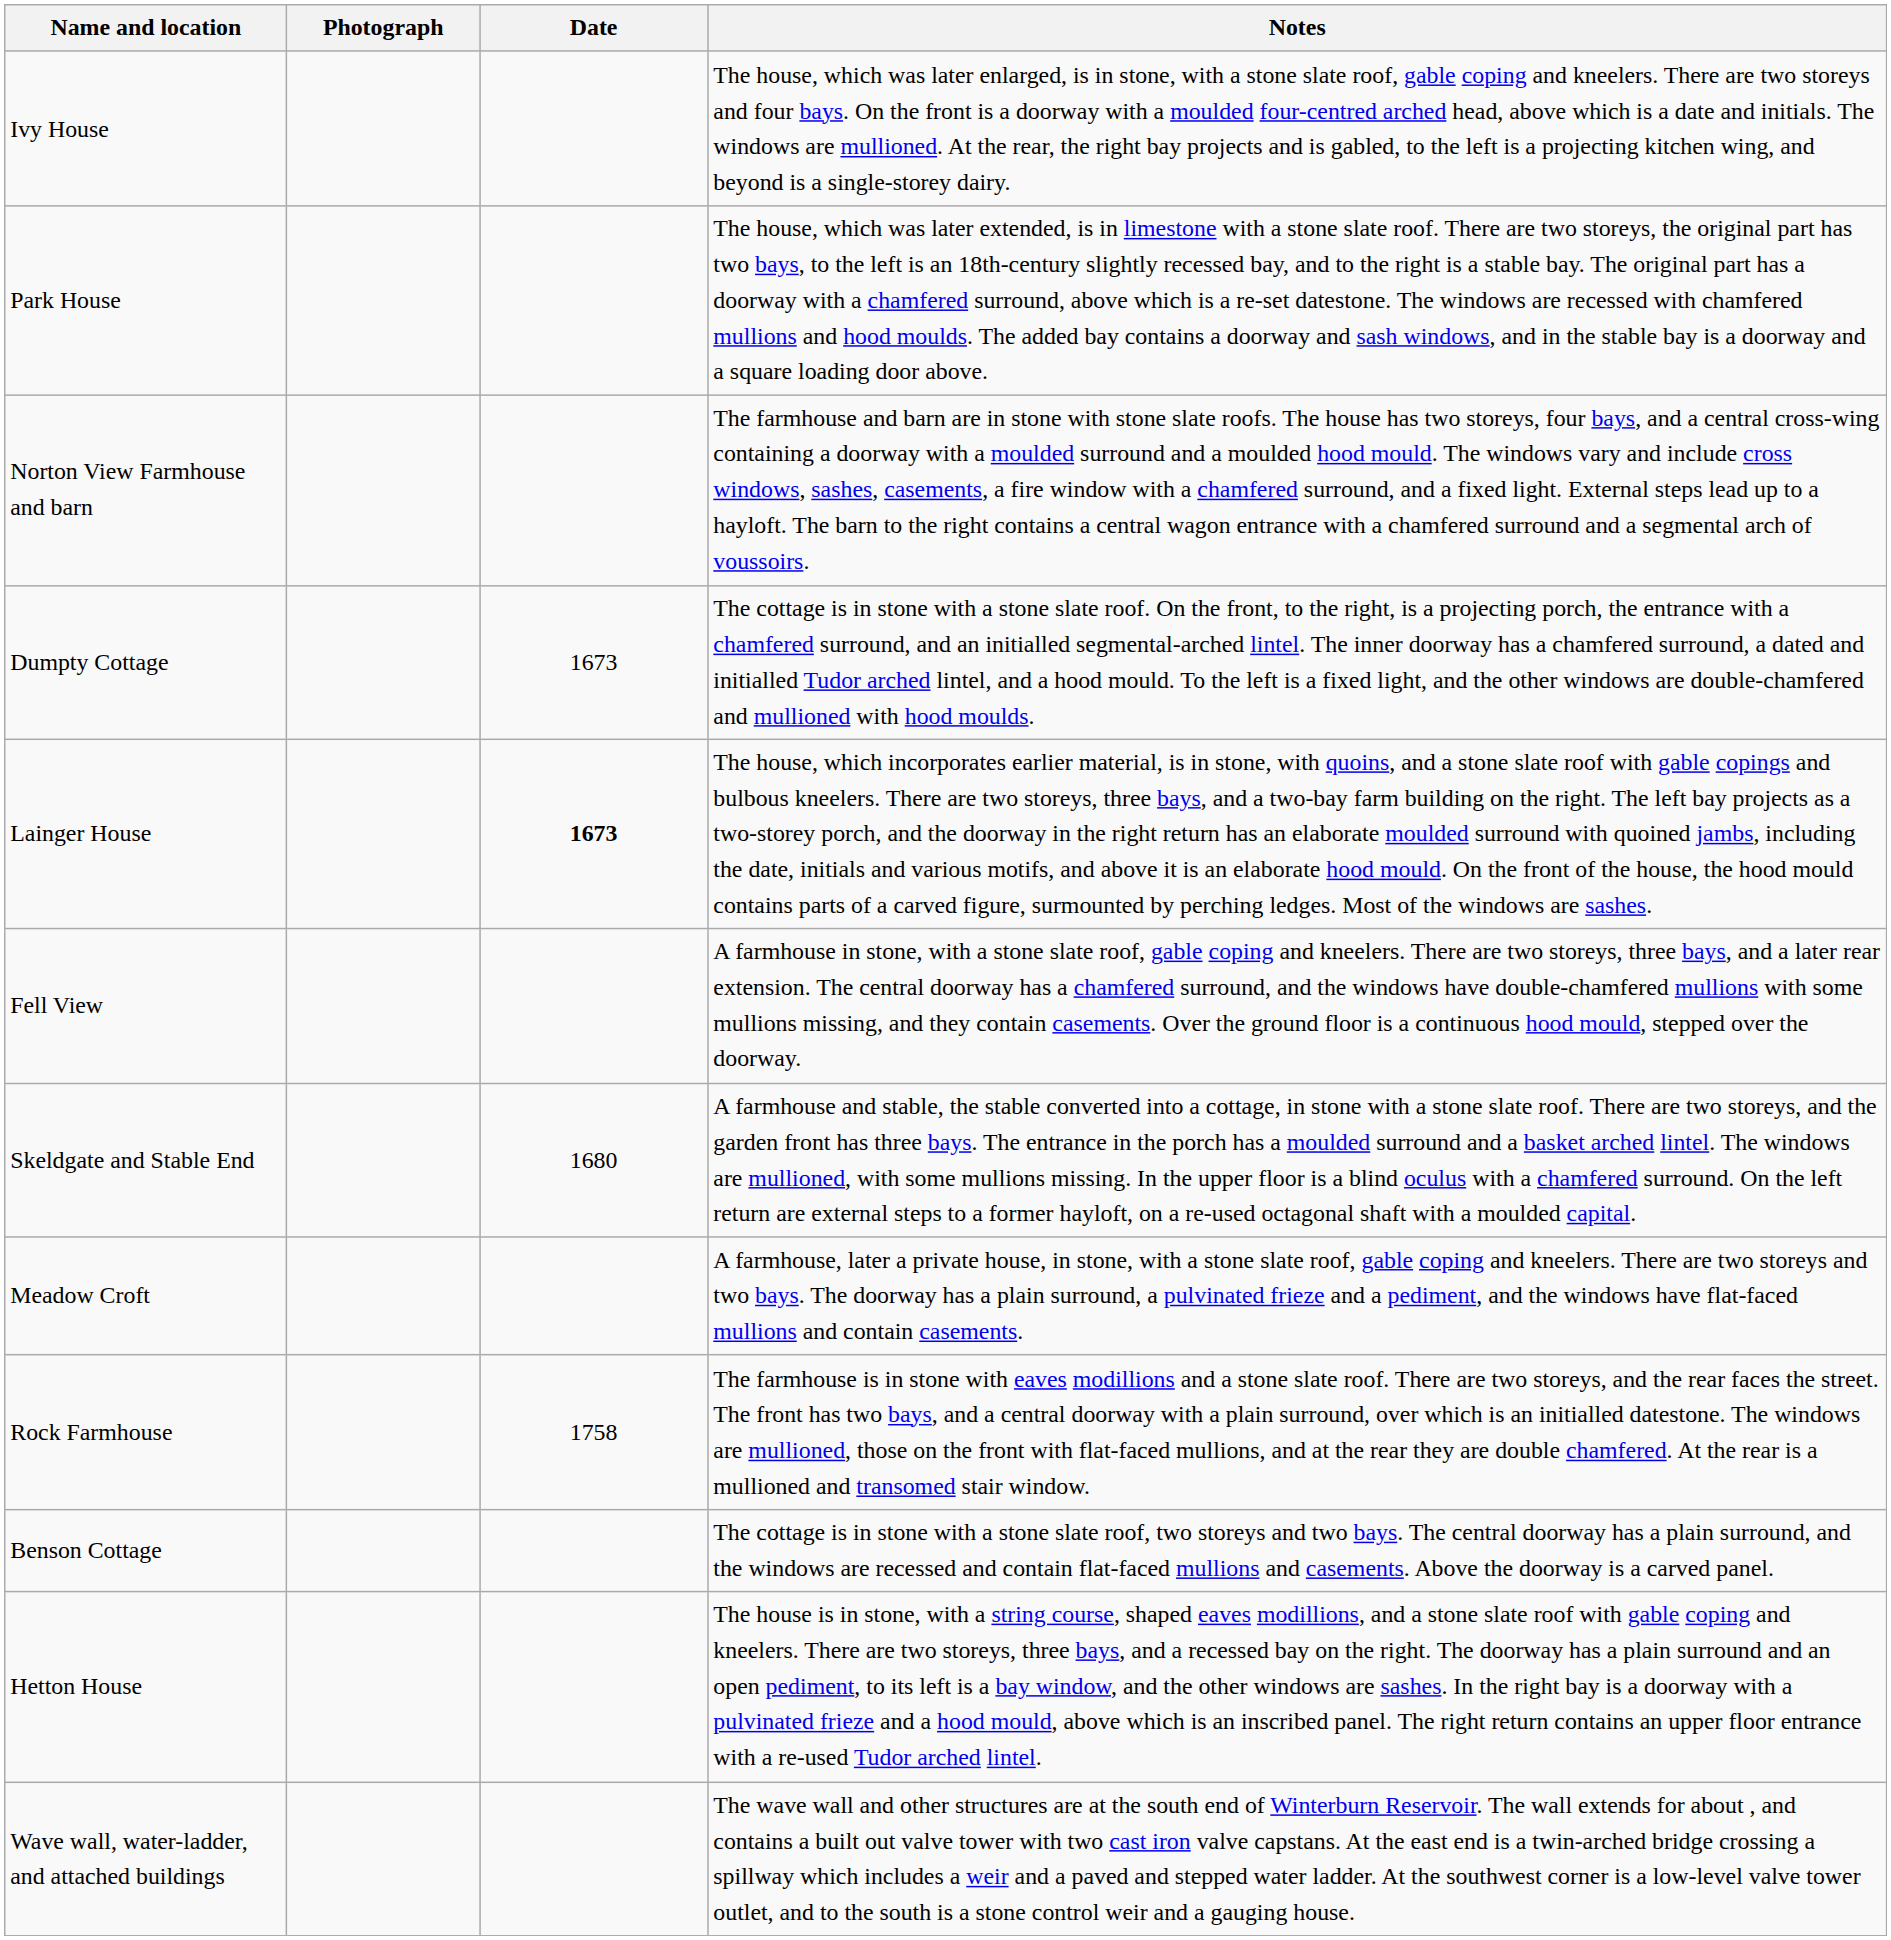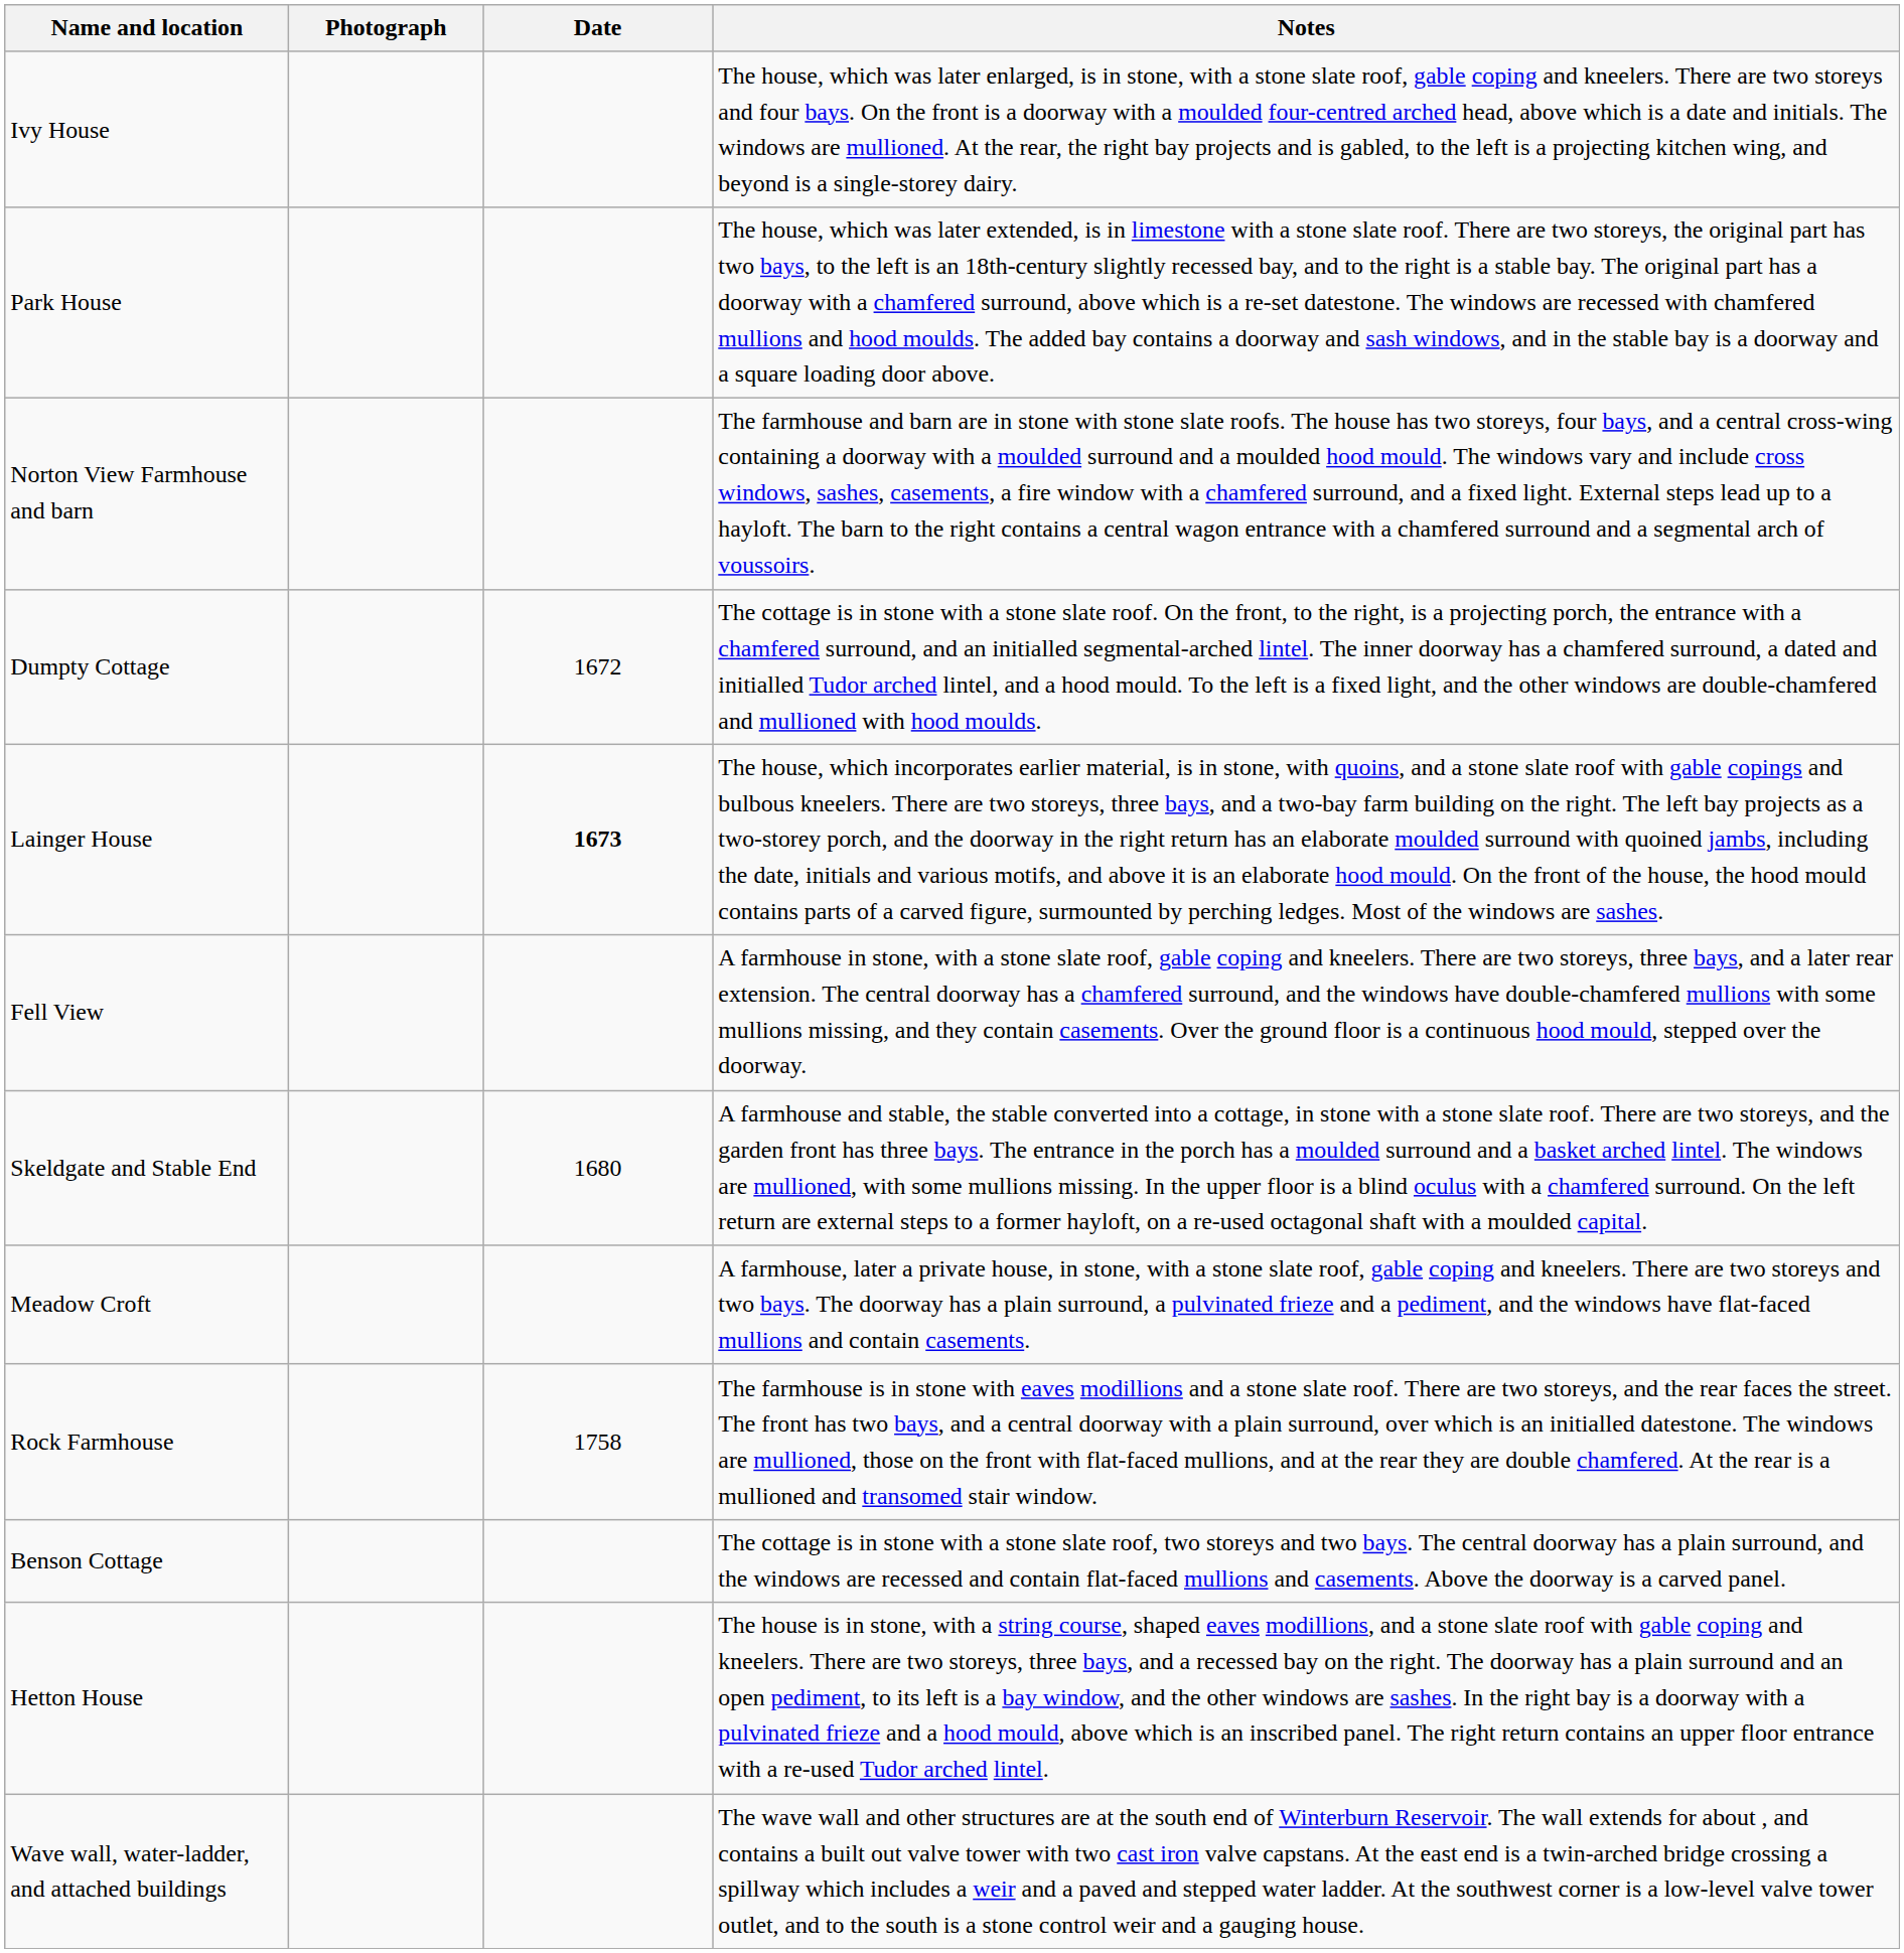 <table class="wikitable sortable plainrowheaders" style="width:100%;border:0px;text-align:left;line-height:150%;">
 <tr>
 <th scope="col"  style="width:150px">Name and location</th>
 <th scope="col"  style="width:100px" class="unsortable">Photograph</th>
 <th scope="col"  style="width:120px">Date</th>
 <th scope="col"  style="width:650px" class="unsortable">Notes</th>
 </tr>
 <tr>
 <td>Ivy House<br><small></small></td>
 <td></td>
 <td align="center"></td>
 <td>The house, which was later enlarged, is in stone, with a stone slate roof, <a href='#'>gable</a> <a href='#'>coping</a> and kneelers. There are two storeys and four <a href='#'>bays</a>. On the front is a doorway with a <a href='#'>moulded</a> <a href='#'>four-centred arched</a> head, above which is a date and initials. The windows are <a href='#'>mullioned</a>. At the rear, the right bay projects and is gabled, to the left is a projecting kitchen wing, and beyond is a single-storey dairy.</td>
 </tr>
 <tr>
 <td>Park House<br><small></small></td>
 <td></td>
 <td align="center"></td>
 <td>The house, which was later extended, is in <a href='#'>limestone</a> with a stone slate roof.  There are two storeys, the original part has two <a href='#'>bays</a>, to the left is an 18th-century slightly recessed bay, and to the right is a stable bay. The original part has a doorway with a <a href='#'>chamfered</a> surround, above which is a re-set datestone.  The windows are recessed with chamfered <a href='#'>mullions</a> and <a href='#'>hood moulds</a>. The added bay contains a doorway and <a href='#'>sash windows</a>, and in the stable bay is a doorway and a square loading door above.</td>
 </tr>
 <tr>
 <td>Norton View Farmhouse and barn<br><small></small></td>
 <td></td>
 <td align="center"></td>
 <td>The farmhouse and barn are in stone with stone slate roofs.  The house has two storeys, four <a href='#'>bays</a>, and a central cross-wing containing a doorway with a <a href='#'>moulded</a> surround and a moulded <a href='#'>hood mould</a>. The windows vary and include <a href='#'>cross windows</a>, <a href='#'>sashes</a>, <a href='#'>casements</a>, a fire window with a <a href='#'>chamfered</a> surround, and a fixed light. External steps lead up to a hayloft. The barn to the right contains a central wagon entrance with a chamfered surround and a segmental arch of <a href='#'>voussoirs</a>.</td>
 </tr>
 <tr>
 <td>Dumpty Cottage<br><small></small></td>
 <td></td>
-<td align="center">1673</td>
+<td align="center">1672</td>
 <td>The cottage is in stone with a stone slate roof. On the front, to the right, is a projecting porch, the entrance with a <a href='#'>chamfered</a> surround, and an initialled segmental-arched <a href='#'>lintel</a>. The inner doorway has a chamfered surround, a dated and initialled <a href='#'>Tudor arched</a> lintel, and a hood mould. To the left is a fixed light, and the other windows are double-chamfered and <a href='#'>mullioned</a> with <a href='#'>hood moulds</a>.</td>
 </tr>
 <tr>
 <td>Lainger House<br><small></small></td>
 <td></td>
 <td align="center"><strong>1673</strong></td>
 <td>The house, which incorporates earlier material, is in stone, with <a href='#'>quoins</a>, and a stone slate roof with <a href='#'>gable</a> <a href='#'>copings</a> and bulbous kneelers. There are two storeys, three <a href='#'>bays</a>, and a two-bay farm building on the right. The left bay projects as a two-storey porch, and the doorway in the right return has an elaborate <a href='#'>moulded</a> surround with quoined <a href='#'>jambs</a>, including the date, initials and various motifs, and above it is an elaborate <a href='#'>hood mould</a>. On the front of the house, the hood mould contains parts of a carved figure, surmounted by perching ledges. Most of the windows are <a href='#'>sashes</a>.</td>
 </tr>
 <tr>
 <td>Fell View<br><small></small></td>
 <td></td>
 <td align="center"></td>
 <td>A farmhouse in stone, with a stone slate roof, <a href='#'>gable</a> <a href='#'>coping</a> and kneelers. There are two storeys, three <a href='#'>bays</a>, and a later rear extension. The central doorway has a <a href='#'>chamfered</a> surround, and the windows have double-chamfered <a href='#'>mullions</a> with some mullions missing, and they contain <a href='#'>casements</a>. Over the ground floor is a continuous <a href='#'>hood mould</a>, stepped over the doorway.</td>
 </tr>
 <tr>
 <td>Skeldgate and Stable End<br><small></small></td>
 <td></td>
 <td align="center">1680</td>
 <td>A farmhouse and stable, the stable converted into a cottage, in stone with a stone slate roof. There are two storeys, and the garden front has three <a href='#'>bays</a>. The entrance in the porch has a <a href='#'>moulded</a> surround and a <a href='#'>basket arched</a> <a href='#'>lintel</a>. The windows are <a href='#'>mullioned</a>, with some mullions missing. In the upper floor is a blind <a href='#'>oculus</a> with a <a href='#'>chamfered</a> surround. On the left return are external steps to a former hayloft, on a re-used octagonal shaft with a moulded <a href='#'>capital</a>.</td>
 </tr>
 <tr>
 <td>Meadow Croft<br><small></small></td>
 <td></td>
 <td align="center"></td>
 <td>A farmhouse, later a private house, in stone, with a stone slate roof, <a href='#'>gable</a> <a href='#'>coping</a> and kneelers. There are two storeys and two <a href='#'>bays</a>. The doorway has a plain surround, a <a href='#'>pulvinated frieze</a> and a <a href='#'>pediment</a>, and the windows have flat-faced <a href='#'>mullions</a> and contain <a href='#'>casements</a>.</td>
 </tr>
 <tr>
 <td>Rock Farmhouse<br><small></small></td>
 <td></td>
 <td align="center">1758</td>
 <td>The farmhouse is in stone with <a href='#'>eaves</a> <a href='#'>modillions</a> and a stone slate roof.  There are two storeys, and the rear faces the street. The front has two <a href='#'>bays</a>, and a central doorway with a plain surround, over which is an initialled datestone. The windows are <a href='#'>mullioned</a>, those on the front with flat-faced mullions, and at the rear they are double <a href='#'>chamfered</a>. At the rear is a mullioned and <a href='#'>transomed</a> stair window.</td>
 </tr>
 <tr>
 <td>Benson Cottage<br><small></small></td>
 <td></td>
 <td align="center"></td>
 <td>The cottage is in stone with a stone slate roof, two storeys and two <a href='#'>bays</a>. The central doorway has a plain surround, and the windows are recessed and contain flat-faced <a href='#'>mullions</a> and <a href='#'>casements</a>. Above the doorway is a carved panel.</td>
 </tr>
 <tr>
 <td>Hetton House<br><small></small></td>
 <td></td>
 <td align="center"></td>
 <td>The house is in stone, with a <a href='#'>string course</a>, shaped <a href='#'>eaves</a> <a href='#'>modillions</a>, and a stone slate roof with <a href='#'>gable</a> <a href='#'>coping</a> and kneelers. There are two storeys, three <a href='#'>bays</a>, and a recessed bay on the right. The doorway has a plain surround and an open <a href='#'>pediment</a>,  to its left is a <a href='#'>bay window</a>, and the other windows are <a href='#'>sashes</a>. In the right bay is a doorway with a <a href='#'>pulvinated frieze</a> and a <a href='#'>hood mould</a>, above which is an inscribed panel. The right return contains an upper floor entrance with a re-used <a href='#'>Tudor arched</a> <a href='#'>lintel</a>.</td>
 </tr>
 <tr>
 <td>Wave wall, water-ladder, and attached buildings<br><small></small></td>
 <td></td>
 <td align="center"></td>
 <td>The wave wall and other structures are at the south end of <a href='#'>Winterburn Reservoir</a>. The wall extends for about , and contains a built out valve tower with two <a href='#'>cast iron</a> valve capstans. At the east end is a twin-arched bridge crossing a spillway which includes a <a href='#'>weir</a> and a paved and stepped water ladder. At the southwest corner is a low-level valve tower outlet, and to the south is a stone control weir and a gauging house.</td>
 </tr>
 <tr>
 </tr>
 <tr>
 </tr>
 </table>
